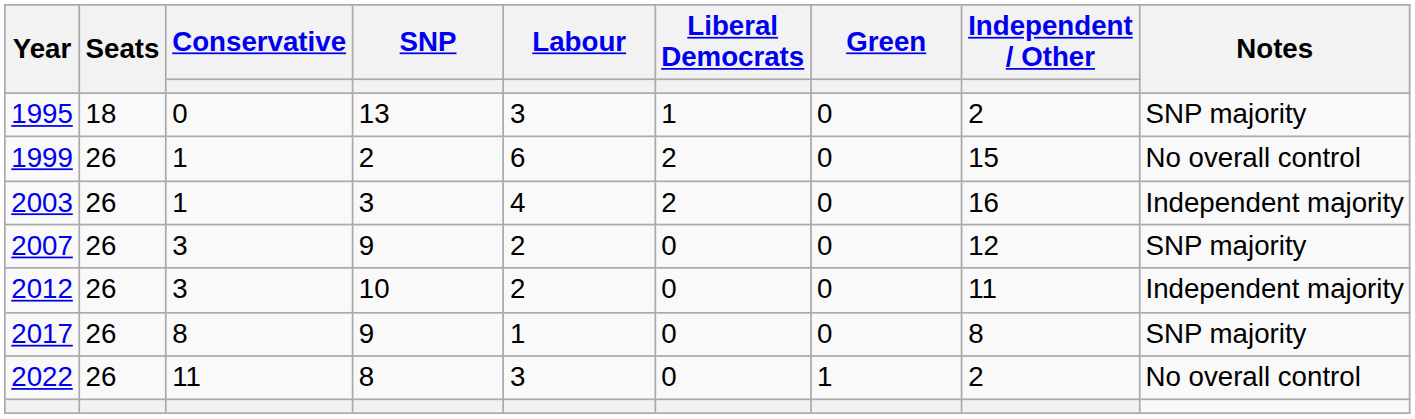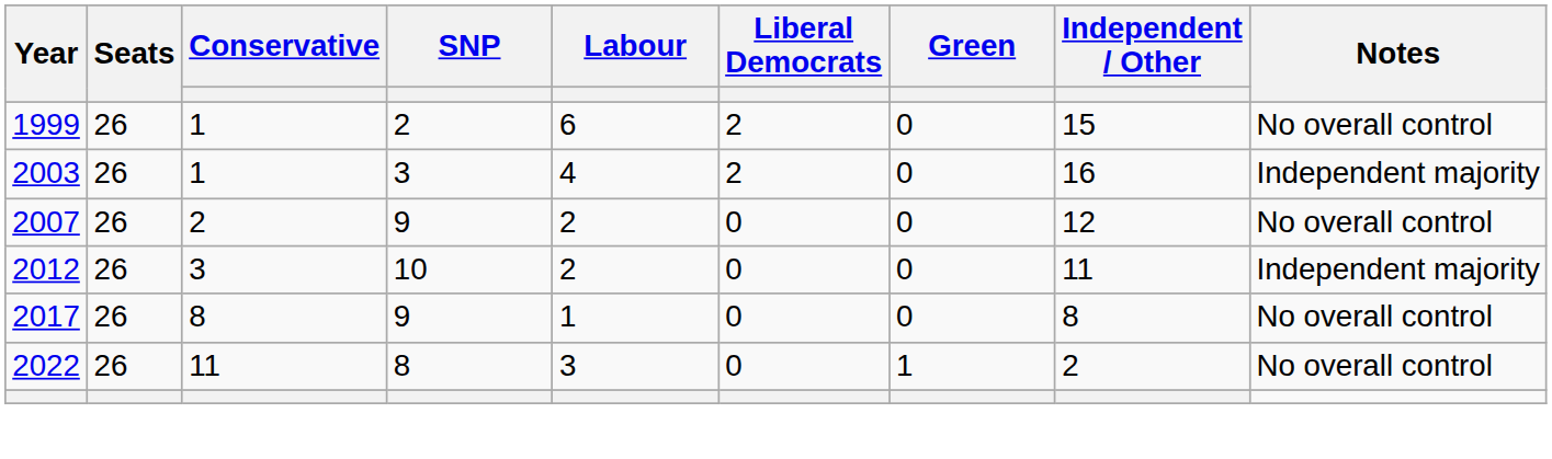 <table class="wikitable">
 <tr>
 <th rowspan="2"><strong>Year</strong></th>
 <th rowspan="2"><strong>Seats</strong></th>
 <th width="80"><strong><a href='#'>Conservative</a></strong></th>
 <th width="80"><a href='#'><strong>SNP</strong></a></th>
 <th width="80"><a href='#'><strong>Labour</strong></a></th>
 <th width="80"><a href='#'><strong>Liberal Democrats</strong></a></th>
 <th width="80"><a href='#'><strong>Green</strong></a></th>
 <th width="80"><a href='#'><strong>Independent / Other</strong></a></th>
 <th rowspan="2"><strong>Notes</strong></th>
 </tr>
 <tr>
 <th style="background-color: "></th>
 <th style="background-color: "></th>
 <th style="background-color: "></th>
 <th style="background-color: "></th>
 <th style="background-color: "></th>
 <th style="background-color: "></th>
-</tr>
-<tr>
-<td><a href='#'>1995</a></td>
-<td>18</td>
-<td>0</td>
-<td>13</td>
-<td>3</td>
-<td>1</td>
-<td>0</td>
-<td>2</td>
-<td align="left">SNP majority</td>
 </tr>
 <tr>
 <td><a href='#'>1999</a></td>
 <td>26</td>
 <td>1</td>
 <td>2</td>
 <td>6</td>
 <td>2</td>
 <td>0</td>
 <td>15</td>
 <td align="left">No overall control</td>
 </tr>
 <tr>
 <td><a href='#'>2003</a></td>
 <td>26</td>
 <td>1</td>
 <td>3</td>
 <td>4</td>
 <td>2</td>
 <td>0</td>
 <td>16</td>
 <td align="left">Independent majority</td>
 </tr>
 <tr>
 <td><a href='#'>2007</a></td>
 <td>26</td>
-<td>3</td>
+<td>2</td>
 <td>9</td>
 <td>2</td>
 <td>0</td>
 <td>0</td>
 <td>12</td>
-<td align="left">SNP majority</td>
+<td align="left">No overall control</td>
 </tr>
 <tr>
 <td><a href='#'>2012</a></td>
 <td>26</td>
 <td>3</td>
 <td>10</td>
 <td>2</td>
 <td>0</td>
 <td>0</td>
 <td>11</td>
 <td align="left">Independent majority</td>
 </tr>
 <tr>
 <td><a href='#'>2017</a></td>
 <td>26</td>
 <td>8</td>
 <td>9</td>
 <td>1</td>
 <td>0</td>
 <td>0</td>
 <td>8</td>
-<td align="left">SNP majority</td>
+<td align="left">No overall control</td>
 </tr>
 <tr>
 <td><a href='#'>2022</a></td>
 <td>26</td>
 <td>11</td>
 <td>8</td>
 <td>3</td>
 <td>0</td>
 <td>1</td>
 <td>2</td>
 <td align="left">No overall control</td>
 </tr>
 <tr>
 <th></th>
 <th></th>
 <th style="background-color: "></th>
 <th style="background-color: "></th>
 <th style="background-color: "></th>
 <th style="background-color: "></th>
 <th style="background-color: "></th>
 <th style="background-color: "></th>
 </tr>
 </table>
